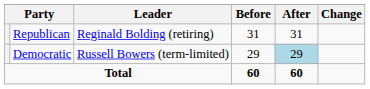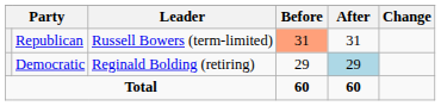 <table class="wikitable" style="text-align:center;">
 <tr>
 </tr>
 <tr>
 <th colspan=2>Party</th>
 <th>Leader</th>
 <th style="width:3em">Before</th>
 <th style="width:3em">After</th>
 <th style="width:3em">Change</th>
 </tr>
 <tr>
 <th style="background-color:"></th>
 <td style="text-align:left;"><a href='#'>Republican</a></td>
-<td style="text-align:left;"><a href='#'>Reginald Bolding</a> (retiring)</td>
-<td>31</td>
+<td style="text-align:left;"><a href='#'>Russell Bowers</a> (term-limited)</td>
+<td style="background: lightsalmon;">31</td>
 <td>31</td>
 <td></td>
 </tr>
 <tr>
 <th style="background-color:"></th>
 <td style="text-align:left;"><a href='#'>Democratic</a></td>
-<td style="text-align:left;"><a href='#'>Russell Bowers</a> (term-limited)</td>
+<td style="text-align:left;"><a href='#'>Reginald Bolding</a> (retiring)</td>
 <td>29</td>
 <td style="background: lightblue;">29</td>
 <td></td>
 </tr>
 <tr>
 <td colspan=3><strong>Total</strong></td>
 <td><strong>60</strong></td>
 <td><strong>60</strong></td>
 <td></td>
 </tr>
 </table>
